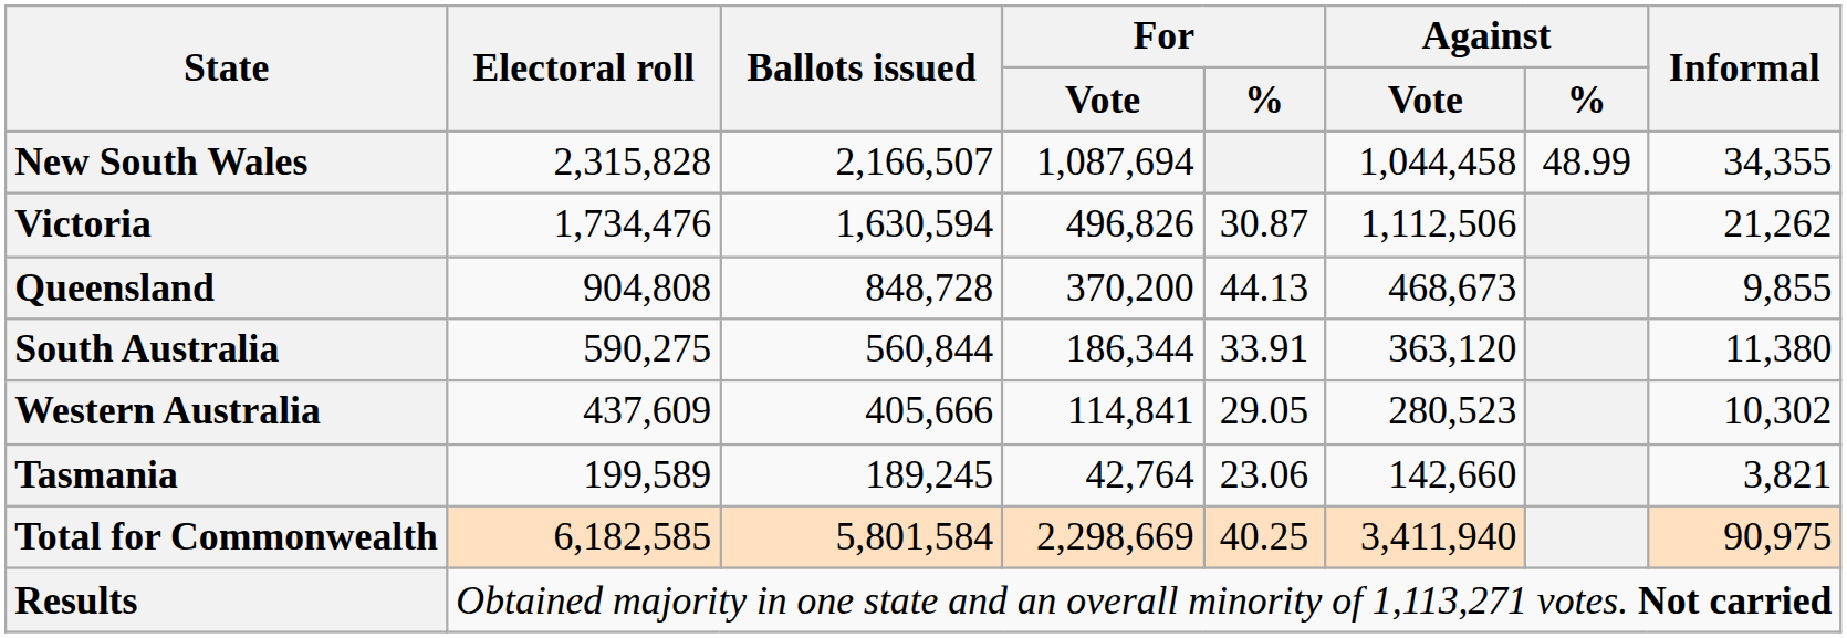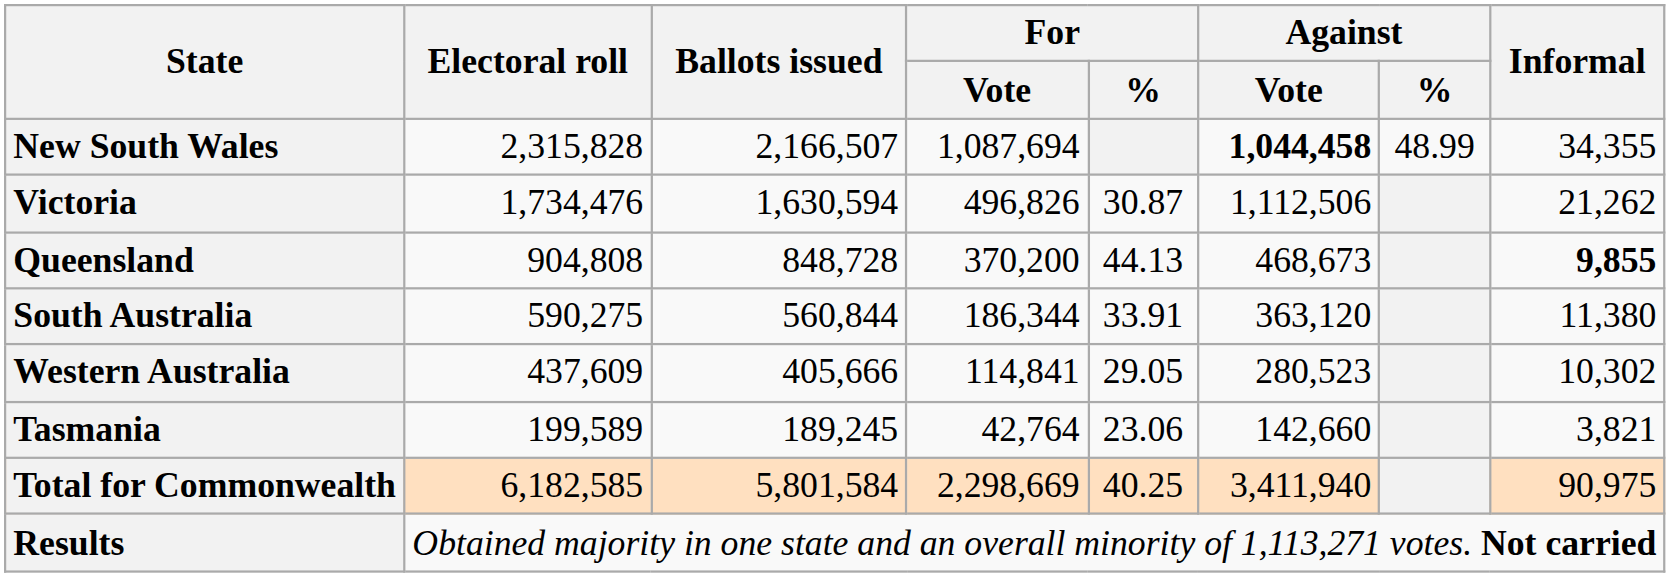 <table class="wikitable">
 <tr align=center>
 <th rowspan="2">State</th>
 <th rowspan="2">Electoral roll</th>
 <th rowspan="2">Ballots issued</th>
 <th align=center colspan="2">For</th>
 <th align=center colspan="2">Against</th>
 <th align=center rowspan="2">Informal</th>
 </tr>
 <tr>
 <th align=center>Vote</th>
 <th align=center>%</th>
 <th align=center>Vote</th>
 <th align=center>%</th>
 </tr>
 <tr align="right">
 <th style="text-align:left;">New South Wales</th>
 <td>2,315,828</td>
 <td>2,166,507</td>
 <td>1,087,694</td>
 <th></th>
-<td>1,044,458</td>
+<td><strong>1,044,458</strong></td>
 <td align="center">48.99</td>
 <td>34,355</td>
 </tr>
 <tr align="right">
 <th style="text-align:left;">Victoria</th>
 <td>1,734,476</td>
 <td>1,630,594</td>
 <td>496,826</td>
 <td align="center">30.87</td>
 <td>1,112,506</td>
 <th></th>
 <td>21,262</td>
 </tr>
 <tr align="right">
 <th style="text-align:left;">Queensland</th>
 <td>904,808</td>
 <td>848,728</td>
 <td>370,200</td>
 <td align="center">44.13</td>
 <td>468,673</td>
 <th></th>
-<td>9,855</td>
+<td><strong>9,855</strong></td>
 </tr>
 <tr align="right">
 <th style="text-align:left;">South Australia</th>
 <td>590,275</td>
 <td>560,844</td>
 <td>186,344</td>
 <td align="center">33.91</td>
 <td>363,120</td>
 <th></th>
 <td>11,380</td>
 </tr>
 <tr align="right">
 <th style="text-align:left;">Western Australia</th>
 <td>437,609</td>
 <td>405,666</td>
 <td>114,841</td>
 <td align="center">29.05</td>
 <td>280,523</td>
 <th></th>
 <td>10,302</td>
 </tr>
 <tr align="right">
 <th style="text-align:left;">Tasmania</th>
 <td>199,589</td>
 <td>189,245</td>
 <td>42,764</td>
 <td align="center">23.06</td>
 <td>142,660</td>
 <th></th>
 <td>3,821</td>
 </tr>
 <tr bgcolor="#FFE0C0" align="right">
 <th style="text-align:left">Total for Commonwealth</th>
 <td>6,182,585</td>
 <td>5,801,584</td>
 <td>2,298,669</td>
 <td align="center">40.25</td>
 <td>3,411,940</td>
 <th></th>
 <td>90,975</td>
 </tr>
 <tr>
 <th style="text-align:left;">Results</th>
 <td colSpan="8"><em>Obtained majority in one state and an overall minority of 1,113,271 votes.</em> <strong>Not carried</strong></td>
 </tr>
 </table>
